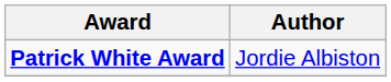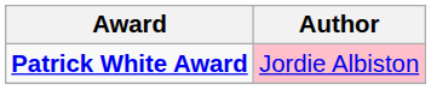 <table class="wikitable">
 <tr>
 <th>Award</th>
 <th>Author</th>
 </tr>
 <tr>
 <td><strong><a href='#'>Patrick White Award</a></strong></td>
-<td><a href='#'>Jordie Albiston</a></td>
+<td style="background: pink;"><a href='#'>Jordie Albiston</a></td>
 </tr>
 <tr>
 </tr>
 </table>
